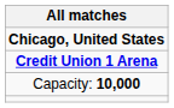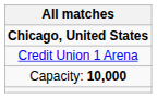 <table class="wikitable" style="text-align:center">
 <tr>
 <th>All matches</th>
 </tr>
 <tr>
 <td><strong>Chicago, United States</strong></td>
 </tr>
 <tr>
-<td><strong><a href='#'>Credit Union 1 Arena</a></strong></td>
+<td><a href='#'>Credit Union 1 Arena</a></td>
 </tr>
 <tr>
 <td>Capacity: <strong>10,000</strong></td>
 </tr>
 <tr>
 <td></td>
 </tr>
 </table>
